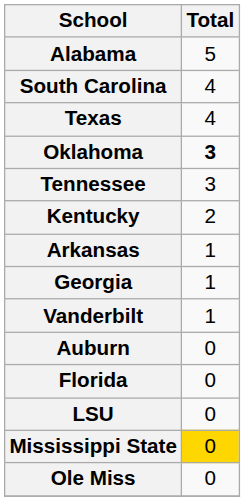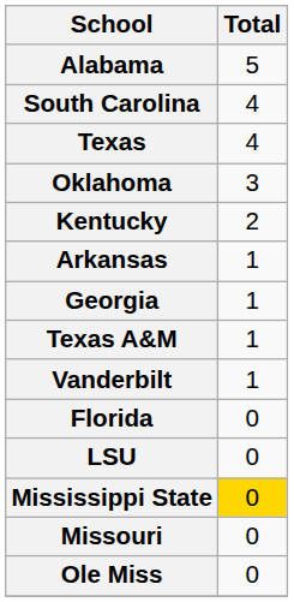 <table class=wikitable style="text-align:center">
 <tr>
 <th>School</th>
 <th>Total</th>
 </tr>
 <tr>
 <th>Alabama</th>
 <td>5</td>
 </tr>
 <tr>
 <th>South Carolina</th>
 <td>4</td>
 </tr>
 <tr>
 <th>Texas</th>
 <td>4</td>
 </tr>
 <tr>
 <th>Oklahoma</th>
-<td><strong>3</strong></td>
-</tr>
-<tr>
-<th>Tennessee</th>
 <td>3</td>
 </tr>
 <tr>
 <th>Kentucky</th>
 <td>2</td>
 </tr>
 <tr>
 <th>Arkansas</th>
 <td>1</td>
 </tr>
 <tr>
 <th>Georgia</th>
 <td>1</td>
 </tr>
 <tr>
-<th>Vanderbilt</th>
+<th>Texas A&M</th>
 <td>1</td>
 </tr>
 <tr>
-<th>Auburn</th>
-<td>0</td>
+<th>Vanderbilt</th>
+<td>1</td>
 </tr>
 <tr>
 <th>Florida</th>
 <td>0</td>
 </tr>
 <tr>
 <th>LSU</th>
 <td>0</td>
 </tr>
 <tr>
 <th>Mississippi State</th>
 <td style="background: gold;">0</td>
 </tr>
 <tr>
+<th>Missouri</th>
+<td>0</td>
+</tr>
+<tr>
 <th>Ole Miss</th>
 <td>0</td>
 </tr>
 <tr>
 </tr>
 </table>
